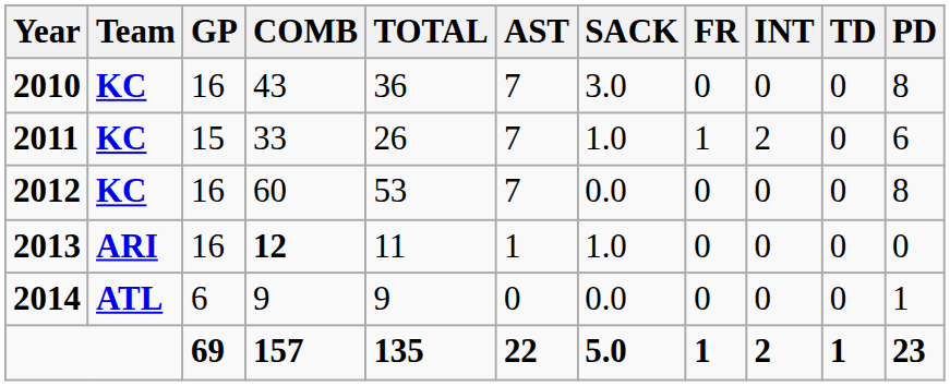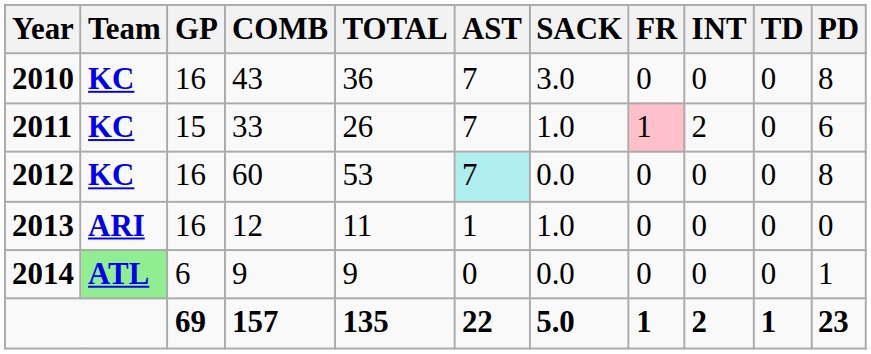 <table class="wikitable">
 <tr>
 <th>Year</th>
 <th>Team</th>
 <th>GP</th>
 <th>COMB</th>
 <th>TOTAL</th>
 <th>AST</th>
 <th>SACK</th>
 <th>FR</th>
 <th>INT</th>
 <th>TD</th>
 <th>PD</th>
 </tr>
 <tr>
 <td><strong>2010</strong></td>
 <td><a href='#'><strong>KC</strong></a></td>
 <td>16</td>
 <td>43</td>
 <td>36</td>
 <td>7</td>
 <td>3.0</td>
 <td>0</td>
 <td>0</td>
 <td>0</td>
 <td>8</td>
 </tr>
 <tr>
 <td><strong>2011</strong></td>
 <td><a href='#'><strong>KC</strong></a></td>
 <td>15</td>
 <td>33</td>
 <td>26</td>
 <td>7</td>
 <td>1.0</td>
-<td>1</td>
+<td style="background: pink;">1</td>
 <td>2</td>
 <td>0</td>
 <td>6</td>
 </tr>
 <tr>
 <td><strong>2012</strong></td>
 <td><a href='#'><strong>KC</strong></a></td>
 <td>16</td>
 <td>60</td>
 <td>53</td>
-<td>7</td>
+<td style="background: paleturquoise;">7</td>
 <td>0.0</td>
 <td>0</td>
 <td>0</td>
 <td>0</td>
 <td>8</td>
 </tr>
 <tr>
 <td><strong>2013</strong></td>
 <td><a href='#'><strong>ARI</strong></a></td>
 <td>16</td>
-<td><strong>12</strong></td>
+<td>12</td>
 <td>11</td>
 <td>1</td>
 <td>1.0</td>
 <td>0</td>
 <td>0</td>
 <td>0</td>
 <td>0</td>
 </tr>
 <tr>
 <td><strong>2014</strong></td>
-<td><a href='#'><strong>ATL</strong></a></td>
+<td style="background: lightgreen;"><a href='#'><strong>ATL</strong></a></td>
 <td>6</td>
 <td>9</td>
 <td>9</td>
 <td>0</td>
 <td>0.0</td>
 <td>0</td>
 <td>0</td>
 <td>0</td>
 <td>1</td>
 </tr>
 <tr>
 <td colspan="2"></td>
 <td><strong>69</strong></td>
 <td><strong>157</strong></td>
 <td><strong>135</strong></td>
 <td><strong>22</strong></td>
 <td><strong>5.0</strong></td>
 <td><strong>1</strong></td>
 <td><strong>2</strong></td>
 <td><strong>1</strong></td>
 <td><strong>23</strong></td>
 </tr>
 </table>
